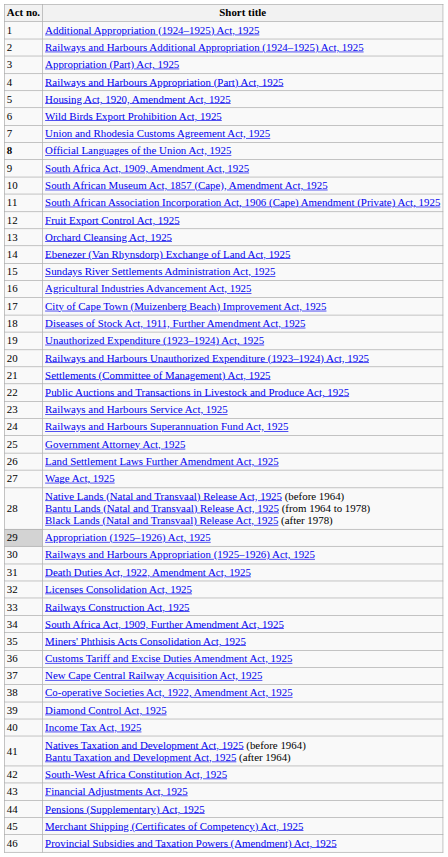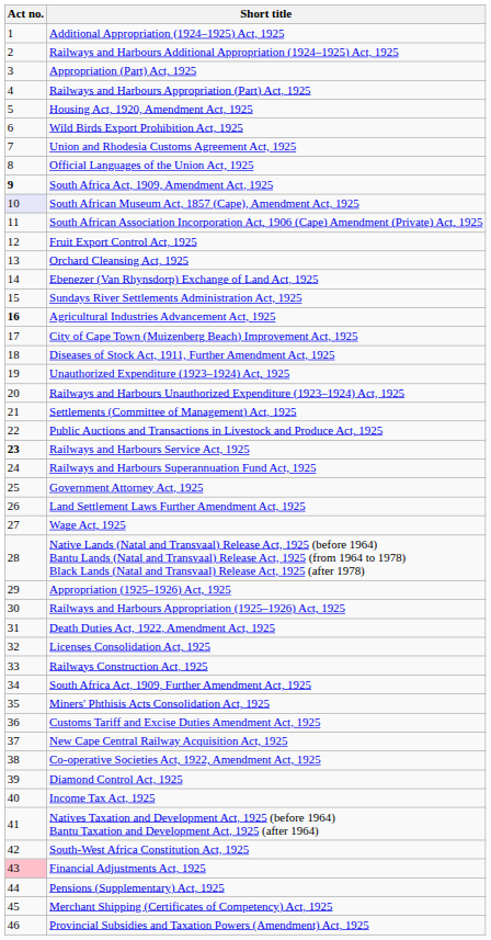 <table class="wikitable sortable">
 <tr>
 <th>Act no.</th>
 <th>Short title</th>
 </tr>
 <tr>
 <td>1</td>
 <td><a href='#'>Additional Appropriation (1924–1925) Act, 1925</a></td>
 </tr>
 <tr>
 <td>2</td>
 <td><a href='#'>Railways and Harbours Additional Appropriation (1924–1925) Act, 1925</a></td>
 </tr>
 <tr>
 <td>3</td>
 <td><a href='#'>Appropriation (Part) Act, 1925</a></td>
 </tr>
 <tr>
 <td>4</td>
 <td><a href='#'>Railways and Harbours Appropriation (Part) Act, 1925</a></td>
 </tr>
 <tr>
 <td>5</td>
 <td><a href='#'>Housing Act, 1920, Amendment Act, 1925</a></td>
 </tr>
 <tr>
 <td>6</td>
 <td><a href='#'>Wild Birds Export Prohibition Act, 1925</a></td>
 </tr>
 <tr>
 <td>7</td>
 <td><a href='#'>Union and Rhodesia Customs Agreement Act, 1925</a></td>
 </tr>
 <tr>
-<td><strong>8</strong></td>
+<td>8</td>
 <td><a href='#'>Official Languages of the Union Act, 1925</a></td>
 </tr>
 <tr>
-<td>9</td>
+<td><strong>9</strong></td>
 <td><a href='#'>South Africa Act, 1909, Amendment Act, 1925</a></td>
 </tr>
 <tr>
-<td>10</td>
+<td style="background: lavender;">10</td>
 <td><a href='#'>South African Museum Act, 1857 (Cape), Amendment Act, 1925</a></td>
 </tr>
 <tr>
 <td>11</td>
 <td><a href='#'>South African Association Incorporation Act, 1906 (Cape) Amendment (Private) Act, 1925</a></td>
 </tr>
 <tr>
 <td>12</td>
 <td><a href='#'>Fruit Export Control Act, 1925</a></td>
 </tr>
 <tr>
 <td>13</td>
 <td><a href='#'>Orchard Cleansing Act, 1925</a></td>
 </tr>
 <tr>
 <td>14</td>
 <td><a href='#'>Ebenezer (Van Rhynsdorp) Exchange of Land Act, 1925</a></td>
 </tr>
 <tr>
 <td>15</td>
 <td><a href='#'>Sundays River Settlements Administration Act, 1925</a></td>
 </tr>
 <tr>
-<td>16</td>
+<td><strong>16</strong></td>
 <td><a href='#'>Agricultural Industries Advancement Act, 1925</a></td>
 </tr>
 <tr>
 <td>17</td>
 <td><a href='#'>City of Cape Town (Muizenberg Beach) Improvement Act, 1925</a></td>
 </tr>
 <tr>
 <td>18</td>
 <td><a href='#'>Diseases of Stock Act, 1911, Further Amendment Act, 1925</a></td>
 </tr>
 <tr>
 <td>19</td>
 <td><a href='#'>Unauthorized Expenditure (1923–1924) Act, 1925</a></td>
 </tr>
 <tr>
 <td>20</td>
 <td><a href='#'>Railways and Harbours Unauthorized Expenditure (1923–1924) Act, 1925</a></td>
 </tr>
 <tr>
 <td>21</td>
 <td><a href='#'>Settlements (Committee of Management) Act, 1925</a></td>
 </tr>
 <tr>
 <td>22</td>
 <td><a href='#'>Public Auctions and Transactions in Livestock and Produce Act, 1925</a></td>
 </tr>
 <tr>
-<td>23</td>
+<td><strong>23</strong></td>
 <td><a href='#'>Railways and Harbours Service Act, 1925</a></td>
 </tr>
 <tr>
 <td>24</td>
 <td><a href='#'>Railways and Harbours Superannuation Fund Act, 1925</a></td>
 </tr>
 <tr>
 <td>25</td>
 <td><a href='#'>Government Attorney Act, 1925</a></td>
 </tr>
 <tr>
 <td>26</td>
 <td><a href='#'>Land Settlement Laws Further Amendment Act, 1925</a></td>
 </tr>
 <tr>
 <td>27</td>
 <td><a href='#'>Wage Act, 1925</a></td>
 </tr>
 <tr>
 <td>28</td>
 <td><a href='#'>Native Lands (Natal and Transvaal) Release Act, 1925</a> (before 1964) <br><a href='#'>Bantu Lands (Natal and Transvaal) Release Act, 1925</a> (from 1964 to 1978) <br><a href='#'>Black Lands (Natal and Transvaal) Release Act, 1925</a> (after 1978)</td>
 </tr>
 <tr>
-<td style="background: lightgrey;">29</td>
+<td>29</td>
 <td><a href='#'>Appropriation (1925–1926) Act, 1925</a></td>
 </tr>
 <tr>
 <td>30</td>
 <td><a href='#'>Railways and Harbours Appropriation (1925–1926) Act, 1925</a></td>
 </tr>
 <tr>
 <td>31</td>
 <td><a href='#'>Death Duties Act, 1922, Amendment Act, 1925</a></td>
 </tr>
 <tr>
 <td>32</td>
 <td><a href='#'>Licenses Consolidation Act, 1925</a></td>
 </tr>
 <tr>
 <td>33</td>
 <td><a href='#'>Railways Construction Act, 1925</a></td>
 </tr>
 <tr>
 <td>34</td>
 <td><a href='#'>South Africa Act, 1909, Further Amendment Act, 1925</a></td>
 </tr>
 <tr>
 <td>35</td>
 <td><a href='#'>Miners' Phthisis Acts Consolidation Act, 1925</a></td>
 </tr>
 <tr>
 <td>36</td>
 <td><a href='#'>Customs Tariff and Excise Duties Amendment Act, 1925</a></td>
 </tr>
 <tr>
 <td>37</td>
 <td><a href='#'>New Cape Central Railway Acquisition Act, 1925</a></td>
 </tr>
 <tr>
 <td>38</td>
 <td><a href='#'>Co-operative Societies Act, 1922, Amendment Act, 1925</a></td>
 </tr>
 <tr>
 <td>39</td>
 <td><a href='#'>Diamond Control Act, 1925</a></td>
 </tr>
 <tr>
 <td>40</td>
 <td><a href='#'>Income Tax Act, 1925</a></td>
 </tr>
 <tr>
 <td>41</td>
 <td><a href='#'>Natives Taxation and Development Act, 1925</a> (before 1964) <br><a href='#'>Bantu Taxation and Development Act, 1925</a> (after 1964)</td>
 </tr>
 <tr>
 <td>42</td>
 <td><a href='#'>South-West Africa Constitution Act, 1925</a></td>
 </tr>
 <tr>
-<td>43</td>
+<td style="background: pink;">43</td>
 <td><a href='#'>Financial Adjustments Act, 1925</a></td>
 </tr>
 <tr>
 <td>44</td>
 <td><a href='#'>Pensions (Supplementary) Act, 1925</a></td>
 </tr>
 <tr>
 <td>45</td>
 <td><a href='#'>Merchant Shipping (Certificates of Competency) Act, 1925</a></td>
 </tr>
 <tr>
 <td>46</td>
 <td><a href='#'>Provincial Subsidies and Taxation Powers (Amendment) Act, 1925</a></td>
 </tr>
 </table>
